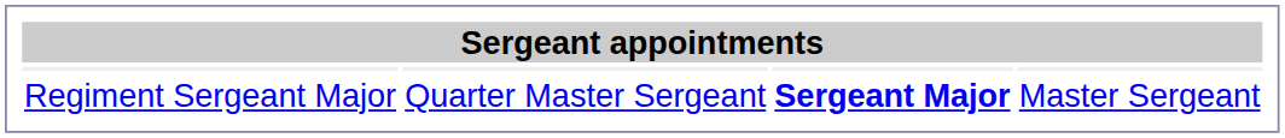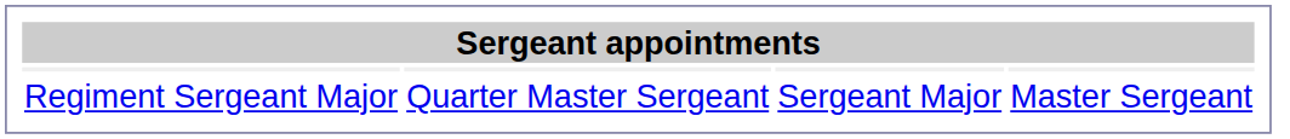 <table style="border:1px solid #8888aa; background:#fff; padding:5px; font-size:95%; margin:0 12px 12px 0;">
 <tr style="background:#ccc;">
 <th colspan=4>Sergeant appointments</th>
 </tr>
 <tr style="text-align:center; background:#efefef;">
 <td></td>
 <td></td>
 <td></td>
 <td></td>
 </tr>
 <tr style="text-align:center;">
 <td><a href='#'>Regiment Sergeant Major</a></td>
 <td><a href='#'>Quarter Master Sergeant</a></td>
-<td><strong><a href='#'>Sergeant Major</a></strong></td>
+<td><a href='#'>Sergeant Major</a></td>
 <td><a href='#'>Master Sergeant</a></td>
 </tr>
 </table>
